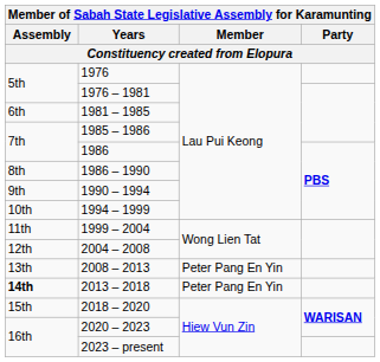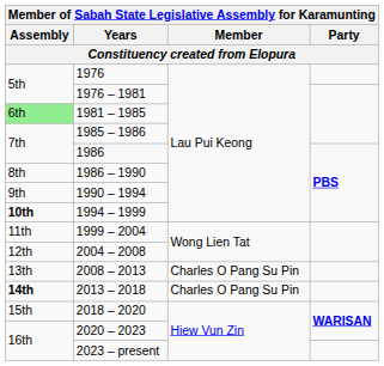 <table class="wikitable">
 <tr>
 <th colspan="4">Member of <a href='#'>Sabah State Legislative Assembly</a> for Karamunting</th>
 </tr>
 <tr>
 <th>Assembly</th>
 <th>Years</th>
 <th>Member</th>
 <th>Party</th>
 </tr>
 <tr>
 <th colspan="4" align="center"><em>Constituency created from Elopura</em></th>
 </tr>
 <tr>
 <td rowspan="2">5th</td>
 <td>1976</td>
 <td rowspan="8">Lau Pui Keong</td>
 <td></td>
 </tr>
 <tr>
 <td>1976 – 1981</td>
 <td rowspan="3"></td>
 </tr>
 <tr>
-<td>6th</td>
+<td style="background: lightgreen;">6th</td>
 <td>1981 – 1985</td>
 </tr>
 <tr>
 <td rowspan="2">7th</td>
 <td>1985 – 1986</td>
 </tr>
 <tr>
 <td>1986</td>
 <td rowspan="4"><strong><a href='#'>PBS</a></strong></td>
 </tr>
 <tr>
 <td>8th</td>
 <td>1986 – 1990</td>
 </tr>
 <tr>
 <td>9th</td>
 <td>1990 – 1994</td>
 </tr>
 <tr>
-<td>10th</td>
+<td><strong>10th</strong></td>
 <td>1994 – 1999</td>
 </tr>
 <tr>
 <td>11th</td>
 <td>1999 – 2004</td>
 <td rowspan="2">Wong Lien Tat</td>
 <td rowspan="2"></td>
 </tr>
 <tr>
 <td>12th</td>
 <td>2004 – 2008</td>
 </tr>
 <tr>
 <td>13th</td>
 <td>2008 – 2013</td>
-<td>Peter Pang En Yin</td>
+<td>Charles O Pang Su Pin</td>
 <td></td>
 </tr>
 <tr>
 <td><strong>14th</strong></td>
 <td>2013 – 2018</td>
-<td>Peter Pang En Yin</td>
+<td>Charles O Pang Su Pin</td>
 <td></td>
 </tr>
 <tr>
 <td>15th</td>
 <td>2018 – 2020</td>
 <td rowspan="3"><a href='#'>Hiew Vun Zin</a></td>
 <td rowspan="2"><strong><a href='#'>WARISAN</a></strong></td>
 </tr>
 <tr>
 <td rowspan="2">16th</td>
 <td>2020 – 2023</td>
 </tr>
 <tr>
 <td>2023 – present</td>
 <td></td>
 </tr>
 </table>
